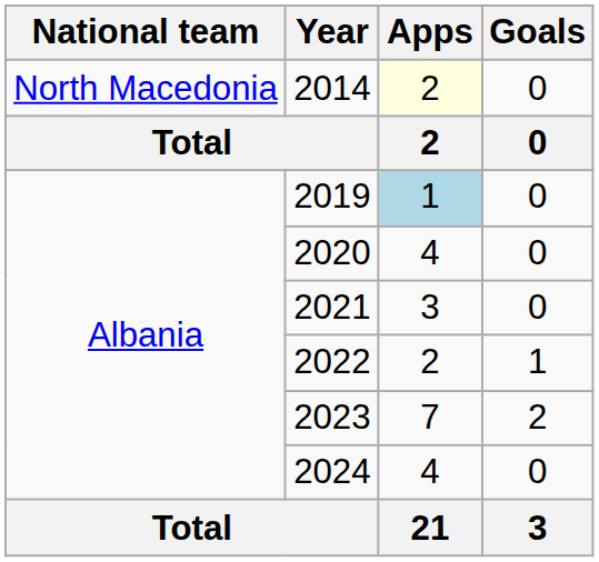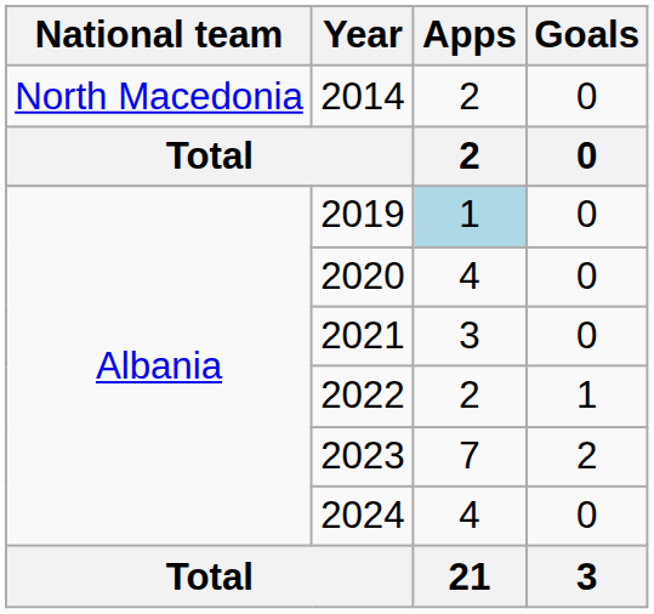 <table class="wikitable" style="text-align:center">
 <tr>
 <th>National team</th>
 <th>Year</th>
 <th>Apps</th>
 <th>Goals</th>
 </tr>
 <tr>
 <td><a href='#'>North Macedonia</a></td>
 <td>2014</td>
-<td style="background: lightyellow;">2</td>
+<td>2</td>
 <td>0</td>
 </tr>
 <tr>
 <th colspan="2">Total</th>
 <th>2</th>
 <th>0</th>
 </tr>
 <tr>
 <td rowspan="6"><a href='#'>Albania</a></td>
 <td>2019</td>
 <td style="background: lightblue;">1</td>
 <td>0</td>
 </tr>
 <tr>
 <td>2020</td>
 <td>4</td>
 <td>0</td>
 </tr>
 <tr>
 <td>2021</td>
 <td>3</td>
 <td>0</td>
 </tr>
 <tr>
 <td>2022</td>
 <td>2</td>
 <td>1</td>
 </tr>
 <tr>
 <td>2023</td>
 <td>7</td>
 <td>2</td>
 </tr>
 <tr>
 <td>2024</td>
 <td>4</td>
 <td>0</td>
 </tr>
 <tr>
 <th colspan="2">Total</th>
 <th>21</th>
 <th>3</th>
 </tr>
 </table>
